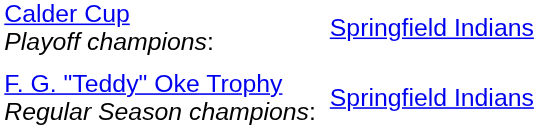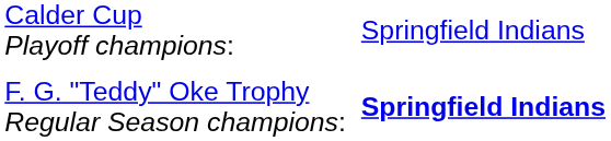 <table cellpadding="3" cellspacing="3">
 <tr>
 <td><a href='#'>Calder Cup</a><br><em>Playoff champions</em>:</td>
 <td><a href='#'>Springfield Indians</a></td>
 </tr>
 <tr>
 <td><a href='#'>F. G. "Teddy" Oke Trophy</a><br><em>Regular Season champions</em>:</td>
-<td><a href='#'>Springfield Indians</a></td>
+<td><strong><a href='#'>Springfield Indians</a></strong></td>
 </tr>
 </table>
